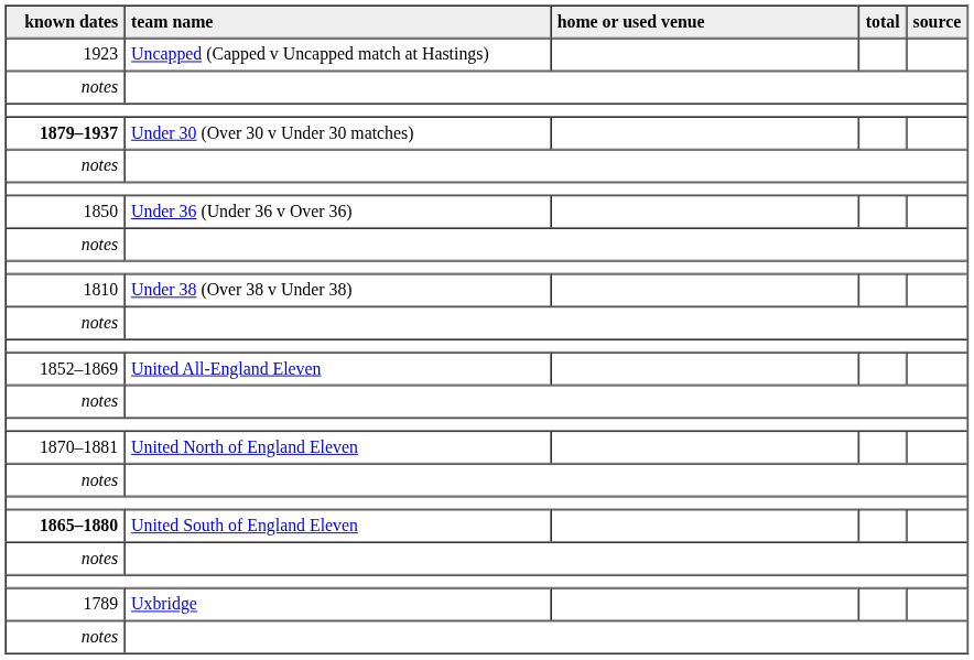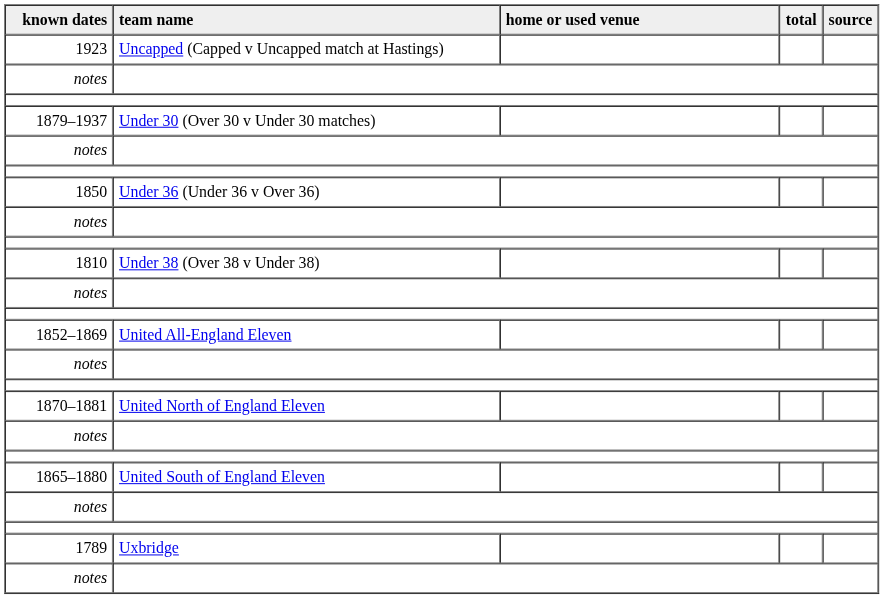 <table border="1" cellpadding="5" cellspacing="0">
 <tr style="background:#efefef;">
 <th style="width:12.5%; text-align:right;">known dates</th>
 <th style="width:45.0%; text-align:left;">team name</th>
 <th style="width:32.5%; text-align:left;">home or used venue</th>
 <th style="width:5.00%; text-align:right;">total</th>
 <th style="width:5.00%; text-align:right;">source</th>
 </tr>
 <tr>
 <td style="text-align:right;">1923</td>
 <td><a href='#'>Uncapped</a> (Capped v Uncapped match at Hastings)</td>
 <td></td>
 <td style="text-align:right;"></td>
 <td style="text-align:right;"></td>
 </tr>
 <tr>
 <td style="text-align:right;"><em>notes</em></td>
 <td colspan="4"></td>
 </tr>
 <tr>
 <td colspan="5"></td>
 </tr>
 <tr>
-<td style="text-align:right;"><strong>1879–1937</strong></td>
+<td style="text-align:right;">1879–1937</td>
 <td><a href='#'>Under 30</a> (Over 30 v Under 30 matches)</td>
 <td></td>
 <td style="text-align:right;"></td>
 <td style="text-align:right;"></td>
 </tr>
 <tr>
 <td style="text-align:right;"><em>notes</em></td>
 <td colspan="4"></td>
 </tr>
 <tr>
 <td colspan="5"></td>
 </tr>
 <tr>
 <td style="text-align:right;">1850</td>
 <td><a href='#'>Under 36</a> (Under 36 v Over 36)</td>
 <td></td>
 <td style="text-align:right;"></td>
 <td style="text-align:right;"></td>
 </tr>
 <tr>
 <td style="text-align:right;"><em>notes</em></td>
 <td colspan="4"></td>
 </tr>
 <tr>
 <td colspan="5"></td>
 </tr>
 <tr>
 <td style="text-align:right;">1810</td>
 <td><a href='#'>Under 38</a> (Over 38 v Under 38)</td>
 <td></td>
 <td style="text-align:right;"></td>
 <td style="text-align:right;"></td>
 </tr>
 <tr>
 <td style="text-align:right;"><em>notes</em></td>
 <td colspan="4"></td>
 </tr>
 <tr>
 <td colspan="5"></td>
 </tr>
 <tr>
 <td style="text-align:right;">1852–1869</td>
 <td><a href='#'>United All-England Eleven</a></td>
 <td></td>
 <td style="text-align:right;"></td>
 <td style="text-align:right;"></td>
 </tr>
 <tr>
 <td style="text-align:right;"><em>notes</em></td>
 <td colspan="4"></td>
 </tr>
 <tr>
 <td colspan="5"></td>
 </tr>
 <tr>
 <td style="text-align:right;">1870–1881</td>
 <td><a href='#'>United North of England Eleven</a></td>
 <td></td>
 <td style="text-align:right;"></td>
 <td style="text-align:right;"></td>
 </tr>
 <tr>
 <td style="text-align:right;"><em>notes</em></td>
 <td colspan="4"></td>
 </tr>
 <tr>
 <td colspan="5"></td>
 </tr>
 <tr>
-<td style="text-align:right;"><strong>1865–1880</strong></td>
+<td style="text-align:right;">1865–1880</td>
 <td><a href='#'>United South of England Eleven</a></td>
 <td></td>
 <td style="text-align:right;"></td>
 <td style="text-align:right;"></td>
 </tr>
 <tr>
 <td style="text-align:right;"><em>notes</em></td>
 <td colspan="4"></td>
 </tr>
 <tr>
 <td colspan="5"></td>
 </tr>
 <tr>
 <td style="text-align:right;">1789</td>
 <td><a href='#'>Uxbridge</a></td>
 <td></td>
 <td style="text-align:right;"></td>
 <td style="text-align:right;"></td>
 </tr>
 <tr>
 <td style="text-align:right;"><em>notes</em></td>
 <td colspan="4"></td>
 </tr>
 </table>
